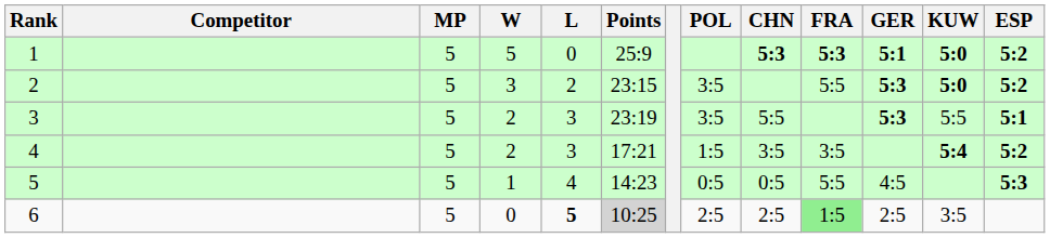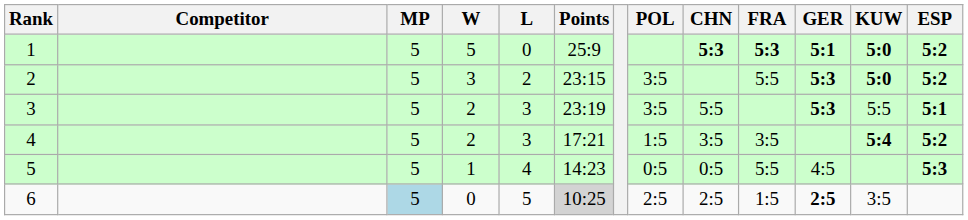 <table class="wikitable" style="text-align:center">
 <tr>
 <th>Rank</th>
 <th style="width:17em">Competitor</th>
 <th style="width:2.5em">MP</th>
 <th style="width:2.5em">W</th>
 <th style="width:2.5em">L</th>
 <th>Points</th>
 <th rowspan="7"> </th>
 <th style="width:2.5em">POL</th>
 <th style="width:2.5em">CHN</th>
 <th style="width:2.5em">FRA</th>
 <th style="width:2.5em">GER</th>
 <th style="width:2.5em">KUW</th>
 <th style="width:2.5em">ESP</th>
 </tr>
 <tr style="background:#cfc;">
 <td>1</td>
 <td style="text-align:left"></td>
 <td>5</td>
 <td>5</td>
 <td>0</td>
 <td>25:9</td>
 <td></td>
 <td><strong>5:3</strong></td>
 <td><strong>5:3</strong></td>
 <td><strong>5:1</strong></td>
 <td><strong>5:0</strong></td>
 <td><strong>5:2</strong></td>
 </tr>
 <tr style="background:#cfc;">
 <td>2</td>
 <td style="text-align:left"></td>
 <td>5</td>
 <td>3</td>
 <td>2</td>
 <td>23:15</td>
 <td>3:5</td>
 <td></td>
 <td>5:5</td>
 <td><strong>5:3</strong></td>
 <td><strong>5:0</strong></td>
 <td><strong>5:2</strong></td>
 </tr>
 <tr style="background:#cfc;">
 <td>3</td>
 <td style="text-align:left"></td>
 <td>5</td>
 <td>2</td>
 <td>3</td>
 <td>23:19</td>
 <td>3:5</td>
 <td>5:5</td>
 <td></td>
 <td><strong>5:3</strong></td>
 <td>5:5</td>
 <td><strong>5:1</strong></td>
 </tr>
 <tr style="background:#cfc;">
 <td>4</td>
 <td style="text-align:left"></td>
 <td>5</td>
 <td>2</td>
 <td>3</td>
 <td>17:21</td>
 <td>1:5</td>
 <td>3:5</td>
 <td>3:5</td>
 <td></td>
 <td><strong>5:4</strong></td>
 <td><strong>5:2</strong></td>
 </tr>
 <tr style="background:#cfc;">
 <td>5</td>
 <td style="text-align:left"></td>
 <td>5</td>
 <td>1</td>
 <td>4</td>
 <td>14:23</td>
 <td>0:5</td>
 <td>0:5</td>
 <td>5:5</td>
 <td>4:5</td>
 <td></td>
 <td><strong>5:3</strong></td>
 </tr>
 <tr>
 <td>6</td>
 <td style="text-align:left"></td>
+<td style="background: lightblue;">5</td>
+<td>0</td>
 <td>5</td>
-<td>0</td>
-<td><strong>5</strong></td>
 <td style="background: lightgrey;">10:25</td>
 <td>2:5</td>
 <td>2:5</td>
-<td style="background: lightgreen;">1:5</td>
-<td>2:5</td>
+<td>1:5</td>
+<td><strong>2:5</strong></td>
 <td>3:5</td>
 <td></td>
 </tr>
 </table>
